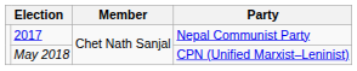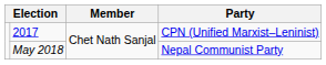 <table class="wikitable">
 <tr>
 <th colspan="2">Election</th>
 <th>Member</th>
 <th>Party</th>
 </tr>
 <tr>
 <td rowspan="2" style="background-color:"></td>
 <td><a href='#'>2017</a></td>
 <td rowspan="2">Chet Nath Sanjal</td>
-<td><a href='#'>Nepal Communist Party</a></td>
+<td><a href='#'>CPN (Unified Marxist–Leninist)</a></td>
 </tr>
 <tr>
 <td><em>May 2018</em></td>
-<td><a href='#'>CPN (Unified Marxist–Leninist)</a></td>
+<td><a href='#'>Nepal Communist Party</a></td>
 </tr>
 </table>
